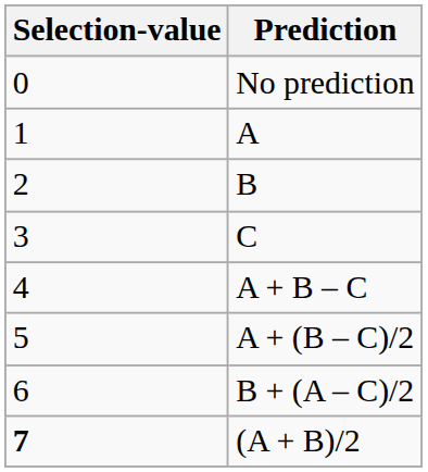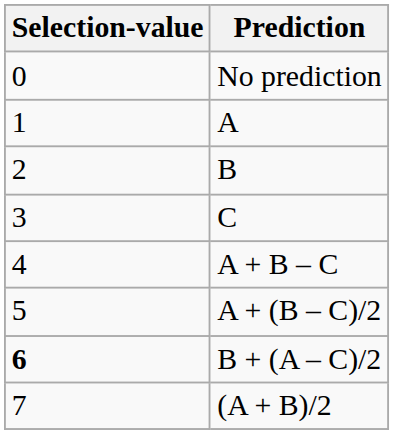 <table class="wikitable">
 <tr>
 <th>Selection-value</th>
 <th>Prediction</th>
 </tr>
 <tr>
 <td>0</td>
 <td>No prediction</td>
 </tr>
 <tr>
 <td>1</td>
 <td>A</td>
 </tr>
 <tr>
 <td>2</td>
 <td>B</td>
 </tr>
 <tr>
 <td>3</td>
 <td>C</td>
 </tr>
 <tr>
 <td>4</td>
 <td>A + B – C</td>
 </tr>
 <tr>
 <td>5</td>
 <td>A + (B – C)/2</td>
 </tr>
 <tr>
-<td>6</td>
+<td><strong>6</strong></td>
 <td>B + (A – C)/2</td>
 </tr>
 <tr>
-<td><strong>7</strong></td>
+<td>7</td>
 <td>(A + B)/2</td>
 </tr>
 </table>
